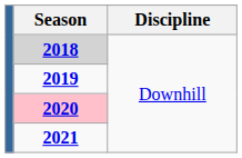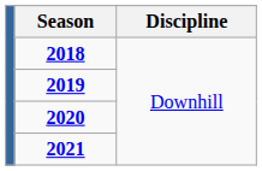 <table class="wikitable" style="font-size:95%; text-align:center; border:grey solid 1px; border-collapse:collapse;" width="10%">
 <tr style="background-color:#369; color:white;">
 <td rowspan="6" style="width:1%;"></td>
 </tr>
 <tr>
 <th>Season</th>
 <th>Discipline</th>
 </tr>
 <tr>
-<td style="background: lightgrey;"><strong><a href='#'>2018</a></strong></td>
+<td><strong><a href='#'>2018</a></strong></td>
 <td rowspan=4><a href='#'>Downhill</a></td>
 </tr>
 <tr>
 <td><strong><a href='#'>2019</a></strong></td>
 </tr>
 <tr>
-<td style="background: pink;"><strong><a href='#'>2020</a></strong></td>
+<td><strong><a href='#'>2020</a></strong></td>
 </tr>
 <tr>
 <td><strong><a href='#'>2021</a></strong></td>
 </tr>
 </table>
